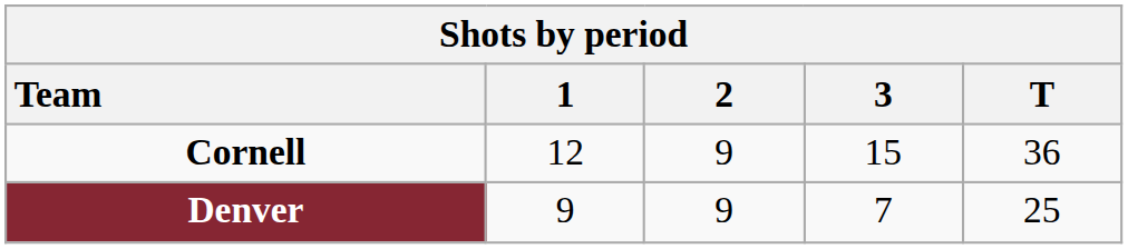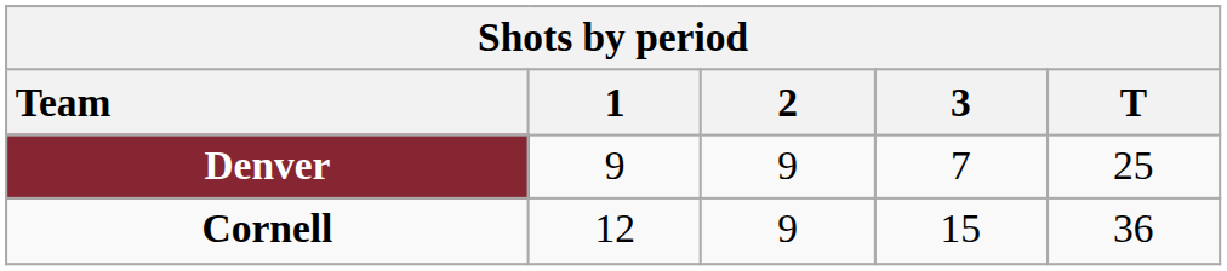 <table class="wikitable" style="width:30em; text-align:right;">
 <tr>
 <th colspan=5>Shots by period</th>
 </tr>
 <tr>
 <th style="width:10em; text-align:left;">Team</th>
 <th style="width:3em;">1</th>
 <th style="width:3em;">2</th>
 <th style="width:3em;">3</th>
 <th style="width:3em;">T</th>
 </tr>
 <tr>
+<td align=center style="color:white; background:#862633; "><strong>Denver</strong></td>
+<td align=center>9</td>
+<td align=center>9</td>
+<td align=center>7</td>
+<td align=center>25</td>
+</tr>
+<tr>
 <td align=center><strong>Cornell</strong></td>
 <td align=center>12</td>
 <td align=center>9</td>
 <td align=center>15</td>
 <td align=center>36</td>
 </tr>
-<tr>
-<td align=center style="color:white; background:#862633; "><strong>Denver</strong></td>
-<td align=center>9</td>
-<td align=center>9</td>
-<td align=center>7</td>
-<td align=center>25</td>
-</tr>
 </table>
